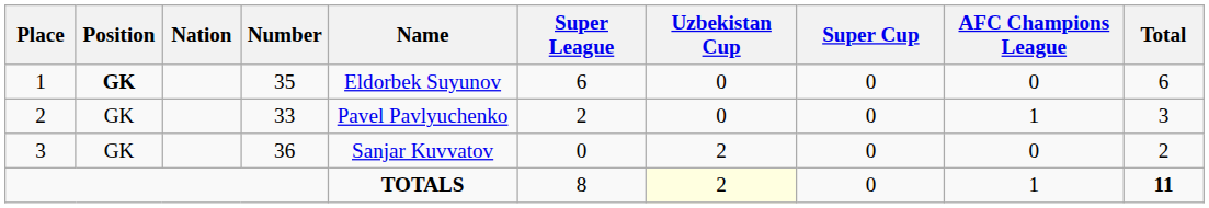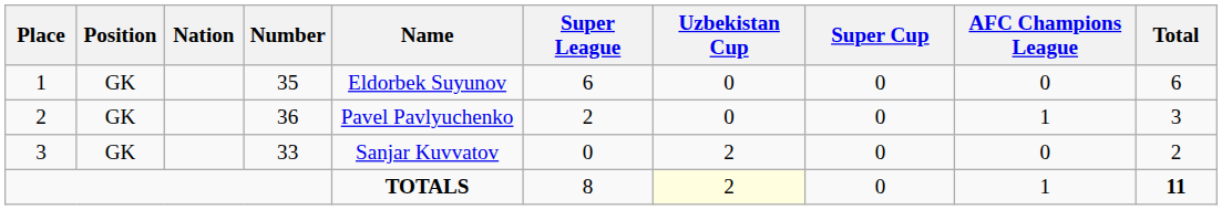 <table class="wikitable" style="font-size: 95%; text-align: center;">
 <tr>
 <th width=60>Place</th>
 <th width=60>Position</th>
 <th width=60>Nation</th>
 <th width=60>Number</th>
 <th width=200>Name</th>
 <th width=150><a href='#'>Super League</a></th>
 <th width=150><a href='#'>Uzbekistan Cup</a></th>
 <th width=200><a href='#'>Super Cup</a></th>
 <th width=200><a href='#'>AFC Champions League</a></th>
 <th width=80><strong>Total</strong></th>
 </tr>
 <tr>
 <td>1</td>
-<td><strong>GK</strong></td>
+<td>GK</td>
 <td></td>
 <td>35</td>
 <td><a href='#'>Eldorbek Suyunov</a></td>
 <td>6</td>
 <td>0</td>
 <td>0</td>
 <td>0</td>
 <td>6</td>
 </tr>
 <tr>
 <td>2</td>
 <td>GK</td>
 <td></td>
-<td>33</td>
+<td>36</td>
 <td><a href='#'>Pavel Pavlyuchenko</a></td>
 <td>2</td>
 <td>0</td>
 <td>0</td>
 <td>1</td>
 <td>3</td>
 </tr>
 <tr>
 <td>3</td>
 <td>GK</td>
 <td></td>
-<td>36</td>
+<td>33</td>
 <td><a href='#'>Sanjar Kuvvatov</a></td>
 <td>0</td>
 <td>2</td>
 <td>0</td>
 <td>0</td>
 <td>2</td>
 </tr>
 <tr>
 <td colspan="4"></td>
 <td><strong>TOTALS</strong></td>
 <td>8</td>
 <td style="background: lightyellow;">2</td>
 <td>0</td>
 <td>1</td>
 <td><strong>11</strong></td>
 </tr>
 </table>
